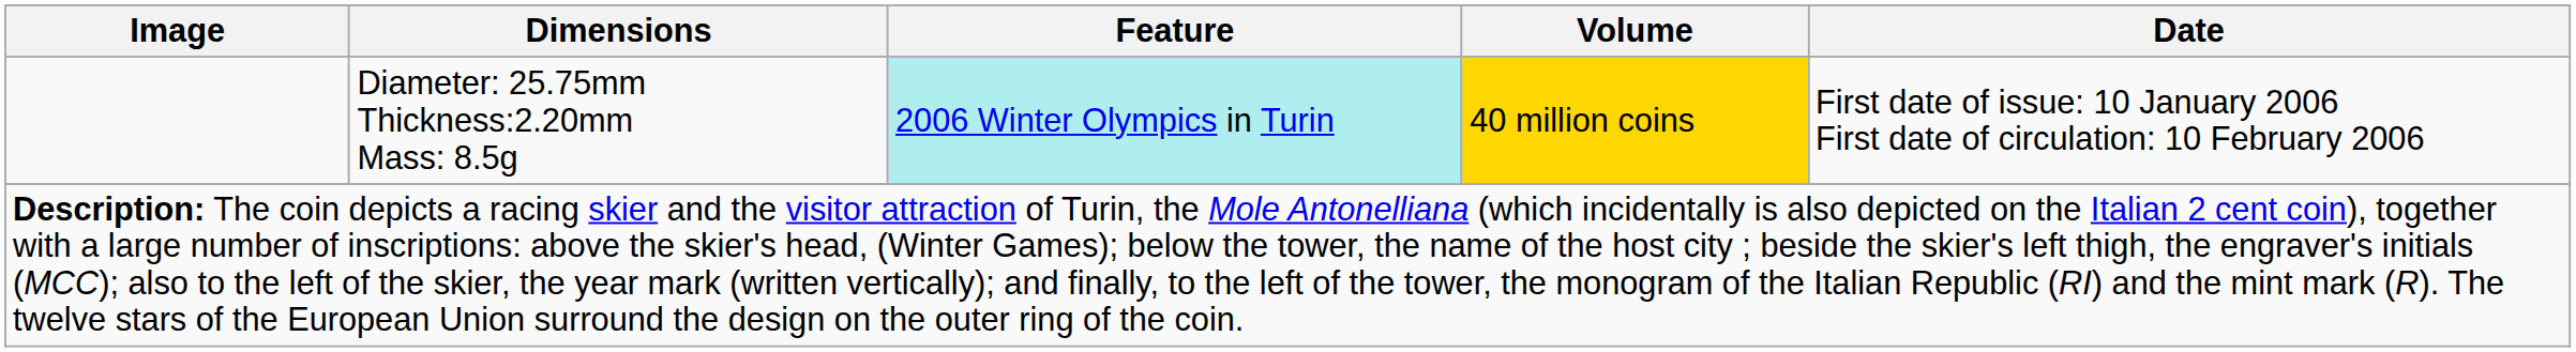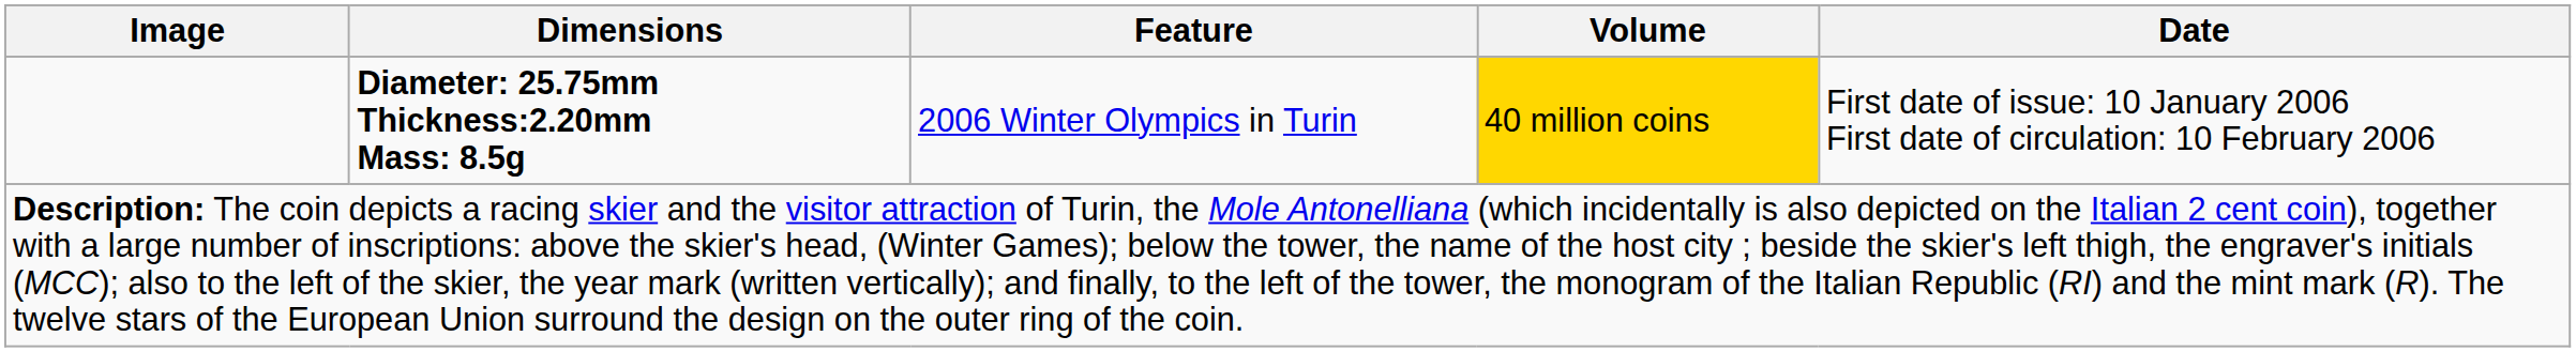 <table class="wikitable"Two euro>
 <tr>
 <th>Image</th>
 <th>Dimensions</th>
 <th>Feature</th>
 <th>Volume</th>
 <th>Date</th>
 </tr>
 <tr>
 <td width=160></td>
-<td>Diameter: 25.75mm<br>Thickness:2.20mm<br>Mass: 8.5g</td>
-<td style="background: paleturquoise;"><a href='#'>2006 Winter Olympics</a> in <a href='#'>Turin</a></td>
+<td><strong>Diameter: 25.75mm<br>Thickness:2.20mm<br>Mass: 8.5g</strong></td>
+<td><a href='#'>2006 Winter Olympics</a> in <a href='#'>Turin</a></td>
 <td style="background: gold;">40 million coins</td>
 <td>First date of issue: 10 January 2006<br>First date of circulation: 10 February 2006</td>
 </tr>
 <tr>
 <td colspan="5"><strong>Description:</strong> The coin depicts a racing <a href='#'>skier</a> and the <a href='#'>visitor attraction</a> of Turin, the <em><a href='#'>Mole Antonelliana</a></em> (which incidentally is also depicted on the <a href='#'>Italian 2 cent coin</a>), together with a large number of inscriptions: above the skier's head, <em></em> (Winter Games); below the tower, the name of the host city <em></em>; beside the skier's left thigh, the engraver's initials (<em>MCC</em>); also to the left of the skier, the year mark (written vertically); and finally, to the left of the tower, the monogram of the Italian Republic (<em>RI</em>) and the mint mark (<em>R</em>). The twelve stars of the European Union surround the design on the outer ring of the coin.</td>
 </tr>
 </table>
